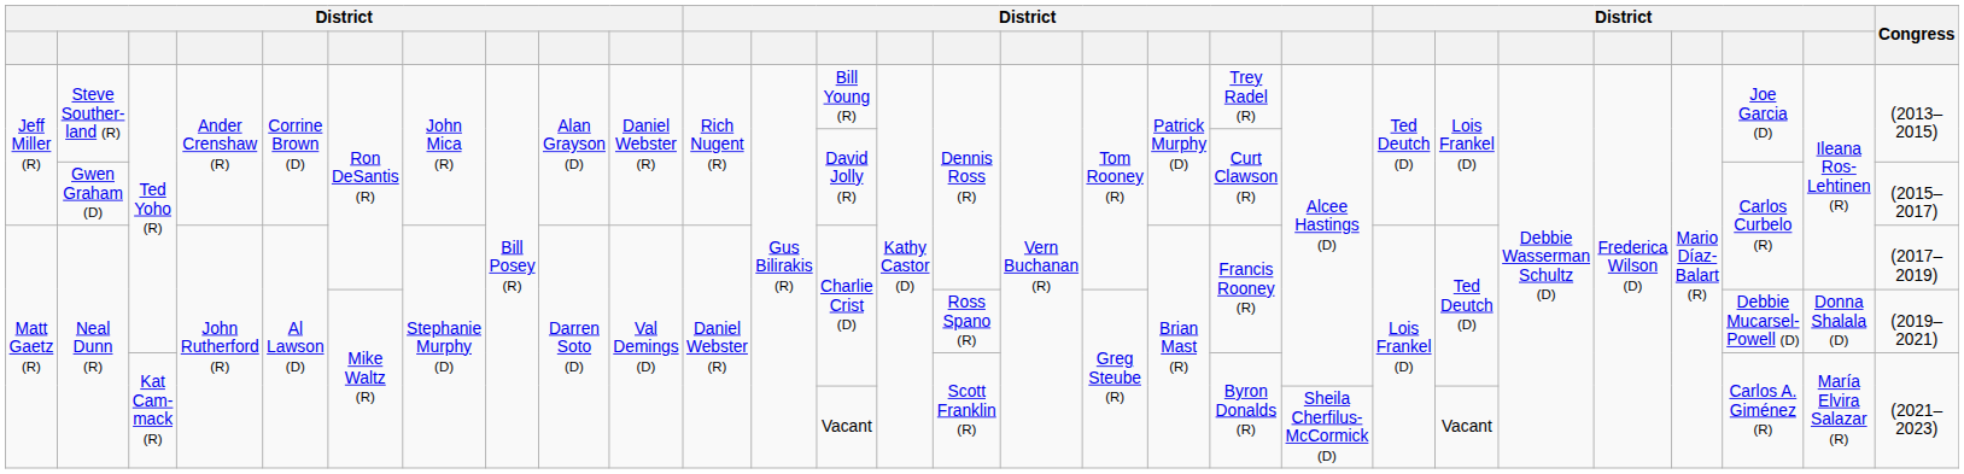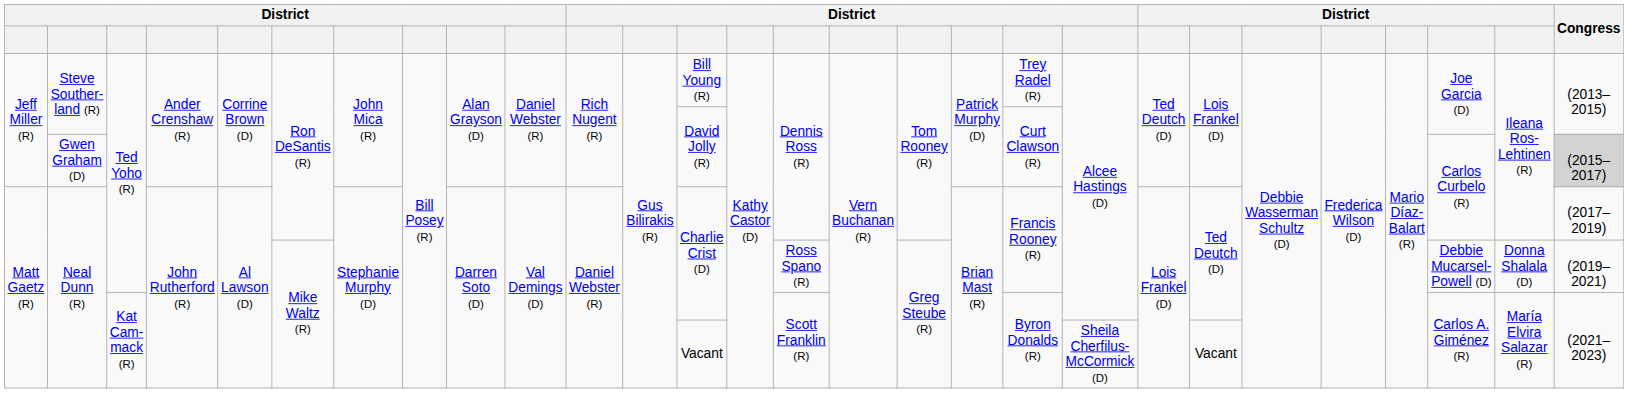 <table class=wikitable style="text-align:center">
 <tr>
 <th colspan=10>District</th>
 <th colspan=10>District</th>
 <th colspan=7>District</th>
 <th rowspan=2>Congress</th>
 </tr>
 <tr style="height:2em">
 <th></th>
 <th></th>
 <th></th>
 <th></th>
 <th></th>
 <th></th>
 <th></th>
 <th></th>
 <th></th>
 <th></th>
 <th></th>
 <th></th>
 <th></th>
 <th></th>
 <th></th>
 <th></th>
 <th></th>
 <th></th>
 <th></th>
 <th></th>
 <th></th>
 <th></th>
 <th></th>
 <th></th>
 <th></th>
 <th></th>
 <th></th>
 </tr>
 <tr style="height:2em">
 <td rowspan=3 ><a href='#'>Jeff<br>Miller</a><br><small>(R)</small></td>
 <td rowspan=2 ><a href='#'>Steve<br>Souther-<br>land</a> <small>(R)</small></td>
 <td rowspan=5 ><a href='#'>Ted<br>Yoho</a><br><small>(R)</small></td>
 <td rowspan=3 ><a href='#'>Ander<br>Crenshaw</a><br><small>(R)</small></td>
 <td rowspan=3 ><a href='#'>Corrine<br>Brown</a><br><small>(D)</small></td>
 <td rowspan=4 ><a href='#'>Ron<br>DeSantis</a><br><small>(R)</small></td>
 <td rowspan=3 ><a href='#'>John<br>Mica</a><br><small>(R)</small></td>
 <td rowspan=7 ><a href='#'>Bill<br>Posey</a><br><small>(R)</small></td>
 <td rowspan=3 ><a href='#'>Alan<br>Grayson</a><br><small>(D)</small></td>
 <td rowspan=3 ><a href='#'>Daniel<br>Webster</a><br><small>(R)</small></td>
 <td rowspan=3 ><a href='#'>Rich<br>Nugent</a><br><small>(R)</small></td>
 <td rowspan=7 ><a href='#'>Gus<br>Bilirakis</a><br><small>(R)</small></td>
 <td><a href='#'>Bill<br>Young</a> <small>(R)</small></td>
 <td rowspan=7 ><a href='#'>Kathy<br>Castor</a><br><small>(D)</small></td>
 <td rowspan=4 ><a href='#'>Dennis<br>Ross</a><br><small>(R)</small></td>
 <td rowspan=7 ><a href='#'>Vern<br>Buchanan</a><br><small>(R)</small></td>
 <td rowspan=4 ><a href='#'>Tom<br>Rooney</a><br><small>(R)</small></td>
 <td rowspan=3 ><a href='#'>Patrick<br>Murphy</a><br><small>(D)</small></td>
 <td><a href='#'>Trey<br>Radel</a> <small>(R)</small></td>
 <td rowspan=6 ><a href='#'>Alcee<br>Hastings</a><br><small>(D)</small></td>
 <td rowspan=3 ><a href='#'>Ted<br>Deutch</a><br><small>(D)</small></td>
 <td rowspan=3 ><a href='#'>Lois<br>Frankel</a><br><small>(D)</small></td>
 <td rowspan=7 ><a href='#'>Debbie<br>Wasserman<br>Schultz</a><br><small>(D)</small></td>
 <td rowspan=7 ><a href='#'>Frederica<br>Wilson</a><br><small>(D)</small></td>
 <td rowspan=7 ><a href='#'>Mario<br>Díaz-<br>Balart</a><br><small>(R)</small></td>
 <td rowspan=2 ><a href='#'>Joe<br>Garcia</a><br><small>(D)</small></td>
 <td rowspan=4 ><a href='#'>Ileana<br>Ros-<br>Lehtinen</a><br><small>(R)</small></td>
 <td rowspan=2><strong></strong><br>(2013–2015)</td>
 </tr>
 <tr style="height:2em">
 <td rowspan=2 ><a href='#'>David<br>Jolly</a><br><small>(R)</small></td>
 <td rowspan=2 ><a href='#'>Curt<br>Clawson</a><br><small>(R)</small></td>
 </tr>
 <tr style="height:2em">
 <td><a href='#'>Gwen<br>Graham</a> <small>(D)</small></td>
 <td rowspan=2 ><a href='#'>Carlos<br>Curbelo</a><br><small>(R)</small></td>
-<td><strong></strong><br>(2015–2017)</td>
+<td style="background: lightgrey;"><strong></strong><br>(2015–2017)</td>
 </tr>
 <tr style="height:2em">
 <td rowspan=4 ><a href='#'>Matt<br>Gaetz</a><br><small>(R)</small></td>
 <td rowspan=4 ><a href='#'>Neal<br>Dunn</a><br><small>(R)</small></td>
 <td rowspan=4 ><a href='#'>John<br>Rutherford</a><br><small>(R)</small></td>
 <td rowspan=4 ><a href='#'>Al<br>Lawson</a><br><small>(D)</small></td>
 <td rowspan=4 ><a href='#'>Stephanie<br>Murphy</a><br><small>(D)</small></td>
 <td rowspan=4 ><a href='#'>Darren<br>Soto</a><br><small>(D)</small></td>
 <td rowspan=4 ><a href='#'>Val<br>Demings</a><br><small>(D)</small></td>
 <td rowspan=4 ><a href='#'>Daniel<br>Webster</a><br><small>(R)</small></td>
 <td rowspan=3 ><a href='#'>Charlie<br>Crist</a><br><small>(D)</small></td>
 <td rowspan=4 ><a href='#'>Brian<br>Mast</a><br><small>(R)</small></td>
 <td rowspan=2 ><a href='#'>Francis<br>Rooney</a><br><small>(R)</small></td>
 <td rowspan=4 ><a href='#'>Lois<br>Frankel</a><br><small>(D)</small></td>
 <td rowspan=3 ><a href='#'>Ted<br>Deutch</a><br><small>(D)</small></td>
 <td><strong></strong><br>(2017–2019)</td>
 </tr>
 <tr style="height:2em">
 <td rowspan=3 ><a href='#'>Mike<br>Waltz</a><br><small>(R)</small></td>
 <td rowspan=1 ><a href='#'>Ross<br>Spano</a> <small>(R)</small></td>
 <td rowspan=3 ><a href='#'>Greg<br>Steube</a><br><small>(R)</small></td>
 <td rowspan=1 ><a href='#'>Debbie Mucarsel-<br>Powell</a> <small>(D)</small></td>
 <td rowspan=1 ><a href='#'>Donna<br>Shalala</a> <small>(D)</small></td>
 <td><strong></strong><br>(2019–2021)</td>
 </tr>
 <tr style="height:2em">
 <td rowspan=2 ><a href='#'>Kat Cam-<br>mack</a> <small>(R)</small></td>
 <td rowspan=2 ><a href='#'>Scott<br>Franklin</a> <small>(R)</small></td>
 <td rowspan=2 ><a href='#'>Byron<br>Donalds</a> <small>(R)</small></td>
 <td rowspan=2 ><a href='#'>Carlos A.<br>Giménez</a> <small>(R)</small></td>
 <td rowspan=2 ><a href='#'>María Elvira<br>Salazar</a> <small>(R)</small></td>
 <td rowspan=2><strong></strong><br>(2021–2023)</td>
 </tr>
 <tr style="height:2em">
 <td>Vacant</td>
 <td><a href='#'>Sheila Cherfilus-<br>McCormick</a> <small>(D)</small></td>
 <td>Vacant</td>
 </tr>
 </table>
